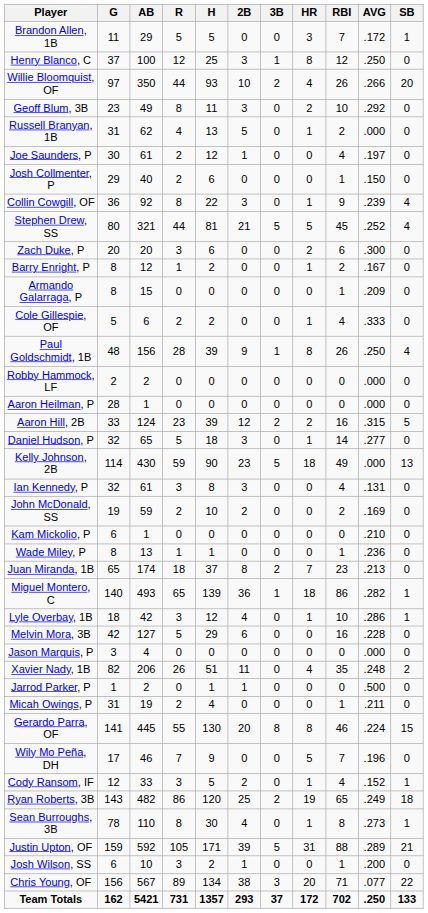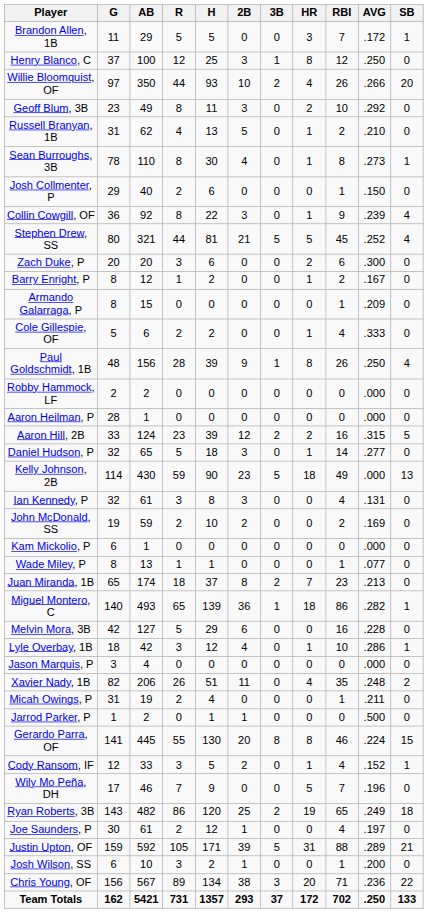 <table class="wikitable sortable" style="text-align:center; border:1; cellpadding:2; cellspacing:0;">
 <tr>
 <th bgcolor="#DDDDFF" width="20%">Player</th>
 <th bgcolor="#DDDDFF" width="7%">G</th>
 <th bgcolor="#DDDDFF" width="7%">AB</th>
 <th bgcolor="#DDDDFF" width="7%">R</th>
 <th bgcolor="#DDDDFF" width="7%">H</th>
 <th bgcolor="#DDDDFF" width="7%">2B</th>
 <th bgcolor="#DDDDFF" width="7%">3B</th>
 <th bgcolor="#DDDDFF" width="7%">HR</th>
 <th bgcolor="#DDDDFF" width="7%">RBI</th>
 <th bgcolor="#DDDDFF" width="7%">AVG</th>
 <th bgcolor="#DDDDFF" width="7%">SB</th>
 </tr>
 <tr>
 <td><a href='#'>Brandon Allen</a>, 1B</td>
 <td>11</td>
 <td>29</td>
 <td>5</td>
 <td>5</td>
 <td>0</td>
 <td>0</td>
 <td>3</td>
 <td>7</td>
 <td>.172</td>
 <td>1</td>
 </tr>
 <tr>
 <td><a href='#'>Henry Blanco</a>, C</td>
 <td>37</td>
 <td>100</td>
 <td>12</td>
 <td>25</td>
 <td>3</td>
 <td>1</td>
 <td>8</td>
 <td>12</td>
 <td>.250</td>
 <td>0</td>
 </tr>
 <tr>
 <td><a href='#'>Willie Bloomquist</a>, OF</td>
 <td>97</td>
 <td>350</td>
 <td>44</td>
 <td>93</td>
 <td>10</td>
 <td>2</td>
 <td>4</td>
 <td>26</td>
 <td>.266</td>
 <td>20</td>
 </tr>
 <tr>
 <td><a href='#'>Geoff Blum</a>, 3B</td>
 <td>23</td>
 <td>49</td>
 <td>8</td>
 <td>11</td>
 <td>3</td>
 <td>0</td>
 <td>2</td>
 <td>10</td>
 <td>.292</td>
 <td>0</td>
 </tr>
 <tr>
 <td><a href='#'>Russell Branyan</a>, 1B</td>
 <td>31</td>
 <td>62</td>
 <td>4</td>
 <td>13</td>
 <td>5</td>
 <td>0</td>
 <td>1</td>
 <td>2</td>
-<td>.000</td>
+<td>.210</td>
 <td>0</td>
 </tr>
 <tr>
-<td><a href='#'>Joe Saunders</a>, P</td>
+<td><a href='#'>Sean Burroughs</a>, 3B</td>
+<td>78</td>
+<td>110</td>
+<td>8</td>
 <td>30</td>
-<td>61</td>
-<td>2</td>
-<td>12</td>
+<td>4</td>
+<td>0</td>
 <td>1</td>
-<td>0</td>
-<td>0</td>
-<td>4</td>
-<td>.197</td>
-<td>0</td>
+<td>8</td>
+<td>.273</td>
+<td>1</td>
 </tr>
 <tr>
 <td><a href='#'>Josh Collmenter</a>, P</td>
 <td>29</td>
 <td>40</td>
 <td>2</td>
 <td>6</td>
 <td>0</td>
 <td>0</td>
 <td>0</td>
 <td>1</td>
 <td>.150</td>
 <td>0</td>
 </tr>
 <tr>
 <td><a href='#'>Collin Cowgill</a>, OF</td>
 <td>36</td>
 <td>92</td>
 <td>8</td>
 <td>22</td>
 <td>3</td>
 <td>0</td>
 <td>1</td>
 <td>9</td>
 <td>.239</td>
 <td>4</td>
 </tr>
 <tr>
 <td><a href='#'>Stephen Drew</a>, SS</td>
 <td>80</td>
 <td>321</td>
 <td>44</td>
 <td>81</td>
 <td>21</td>
 <td>5</td>
 <td>5</td>
 <td>45</td>
 <td>.252</td>
 <td>4</td>
 </tr>
 <tr>
 <td><a href='#'>Zach Duke</a>, P</td>
 <td>20</td>
 <td>20</td>
 <td>3</td>
 <td>6</td>
 <td>0</td>
 <td>0</td>
 <td>2</td>
 <td>6</td>
 <td>.300</td>
 <td>0</td>
 </tr>
 <tr>
 <td><a href='#'>Barry Enright</a>, P</td>
 <td>8</td>
 <td>12</td>
 <td>1</td>
 <td>2</td>
 <td>0</td>
 <td>0</td>
 <td>1</td>
 <td>2</td>
 <td>.167</td>
 <td>0</td>
 </tr>
 <tr>
 <td><a href='#'>Armando Galarraga</a>, P</td>
 <td>8</td>
 <td>15</td>
 <td>0</td>
 <td>0</td>
 <td>0</td>
 <td>0</td>
 <td>0</td>
 <td>1</td>
 <td>.209</td>
 <td>0</td>
 </tr>
 <tr>
 <td><a href='#'>Cole Gillespie</a>, OF</td>
 <td>5</td>
 <td>6</td>
 <td>2</td>
 <td>2</td>
 <td>0</td>
 <td>0</td>
 <td>1</td>
 <td>4</td>
 <td>.333</td>
 <td>0</td>
 </tr>
 <tr>
 <td><a href='#'>Paul Goldschmidt</a>, 1B</td>
 <td>48</td>
 <td>156</td>
 <td>28</td>
 <td>39</td>
 <td>9</td>
 <td>1</td>
 <td>8</td>
 <td>26</td>
 <td>.250</td>
 <td>4</td>
 </tr>
 <tr>
 <td><a href='#'>Robby Hammock</a>, LF</td>
 <td>2</td>
 <td>2</td>
 <td>0</td>
 <td>0</td>
 <td>0</td>
 <td>0</td>
 <td>0</td>
 <td>0</td>
 <td>.000</td>
 <td>0</td>
 </tr>
 <tr>
 <td><a href='#'>Aaron Heilman</a>, P</td>
 <td>28</td>
 <td>1</td>
 <td>0</td>
 <td>0</td>
 <td>0</td>
 <td>0</td>
 <td>0</td>
 <td>0</td>
 <td>.000</td>
 <td>0</td>
 </tr>
 <tr>
 <td><a href='#'>Aaron Hill</a>, 2B</td>
 <td>33</td>
 <td>124</td>
 <td>23</td>
 <td>39</td>
 <td>12</td>
 <td>2</td>
 <td>2</td>
 <td>16</td>
 <td>.315</td>
 <td>5</td>
 </tr>
 <tr>
 <td><a href='#'>Daniel Hudson</a>, P</td>
 <td>32</td>
 <td>65</td>
 <td>5</td>
 <td>18</td>
 <td>3</td>
 <td>0</td>
 <td>1</td>
 <td>14</td>
 <td>.277</td>
 <td>0</td>
 </tr>
 <tr>
 <td><a href='#'>Kelly Johnson</a>, 2B</td>
 <td>114</td>
 <td>430</td>
 <td>59</td>
 <td>90</td>
 <td>23</td>
 <td>5</td>
 <td>18</td>
 <td>49</td>
 <td>.000</td>
 <td>13</td>
 </tr>
 <tr>
 <td><a href='#'>Ian Kennedy</a>, P</td>
 <td>32</td>
 <td>61</td>
 <td>3</td>
 <td>8</td>
 <td>3</td>
 <td>0</td>
 <td>0</td>
 <td>4</td>
 <td>.131</td>
 <td>0</td>
 </tr>
 <tr>
 <td><a href='#'>John McDonald</a>, SS</td>
 <td>19</td>
 <td>59</td>
 <td>2</td>
 <td>10</td>
 <td>2</td>
 <td>0</td>
 <td>0</td>
 <td>2</td>
 <td>.169</td>
 <td>0</td>
 </tr>
 <tr>
 <td><a href='#'>Kam Mickolio</a>, P</td>
 <td>6</td>
 <td>1</td>
 <td>0</td>
 <td>0</td>
 <td>0</td>
 <td>0</td>
 <td>0</td>
 <td>0</td>
-<td>.210</td>
+<td>.000</td>
 <td>0</td>
 </tr>
 <tr>
 <td><a href='#'>Wade Miley</a>, P</td>
 <td>8</td>
 <td>13</td>
 <td>1</td>
 <td>1</td>
 <td>0</td>
 <td>0</td>
 <td>0</td>
 <td>1</td>
-<td>.236</td>
+<td>.077</td>
 <td>0</td>
 </tr>
 <tr>
 <td><a href='#'>Juan Miranda</a>, 1B</td>
 <td>65</td>
 <td>174</td>
 <td>18</td>
 <td>37</td>
 <td>8</td>
 <td>2</td>
 <td>7</td>
 <td>23</td>
 <td>.213</td>
 <td>0</td>
 </tr>
 <tr>
 <td><a href='#'>Miguel Montero</a>, C</td>
 <td>140</td>
 <td>493</td>
 <td>65</td>
 <td>139</td>
 <td>36</td>
 <td>1</td>
 <td>18</td>
 <td>86</td>
 <td>.282</td>
 <td>1</td>
 </tr>
 <tr>
+<td><a href='#'>Melvin Mora</a>, 3B</td>
+<td>42</td>
+<td>127</td>
+<td>5</td>
+<td>29</td>
+<td>6</td>
+<td>0</td>
+<td>0</td>
+<td>16</td>
+<td>.228</td>
+<td>0</td>
+</tr>
+<tr>
 <td><a href='#'>Lyle Overbay</a>, 1B</td>
 <td>18</td>
 <td>42</td>
 <td>3</td>
 <td>12</td>
 <td>4</td>
 <td>0</td>
 <td>1</td>
 <td>10</td>
 <td>.286</td>
 <td>1</td>
-</tr>
-<tr>
-<td><a href='#'>Melvin Mora</a>, 3B</td>
-<td>42</td>
-<td>127</td>
-<td>5</td>
-<td>29</td>
-<td>6</td>
-<td>0</td>
-<td>0</td>
-<td>16</td>
-<td>.228</td>
-<td>0</td>
 </tr>
 <tr>
 <td><a href='#'>Jason Marquis</a>, P</td>
 <td>3</td>
 <td>4</td>
 <td>0</td>
 <td>0</td>
 <td>0</td>
 <td>0</td>
 <td>0</td>
 <td>0</td>
 <td>.000</td>
 <td>0</td>
 </tr>
 <tr>
 <td><a href='#'>Xavier Nady</a>, 1B</td>
 <td>82</td>
 <td>206</td>
 <td>26</td>
 <td>51</td>
 <td>11</td>
 <td>0</td>
 <td>4</td>
 <td>35</td>
 <td>.248</td>
 <td>2</td>
 </tr>
 <tr>
+<td><a href='#'>Micah Owings</a>, P</td>
+<td>31</td>
+<td>19</td>
+<td>2</td>
+<td>4</td>
+<td>0</td>
+<td>0</td>
+<td>0</td>
+<td>1</td>
+<td>.211</td>
+<td>0</td>
+</tr>
+<tr>
 <td><a href='#'>Jarrod Parker</a>, P</td>
 <td>1</td>
 <td>2</td>
 <td>0</td>
 <td>1</td>
 <td>1</td>
 <td>0</td>
 <td>0</td>
 <td>0</td>
 <td>.500</td>
-<td>0</td>
-</tr>
-<tr>
-<td><a href='#'>Micah Owings</a>, P</td>
-<td>31</td>
-<td>19</td>
-<td>2</td>
-<td>4</td>
-<td>0</td>
-<td>0</td>
-<td>0</td>
-<td>1</td>
-<td>.211</td>
 <td>0</td>
 </tr>
 <tr>
 <td><a href='#'>Gerardo Parra</a>, OF</td>
 <td>141</td>
 <td>445</td>
 <td>55</td>
 <td>130</td>
 <td>20</td>
 <td>8</td>
 <td>8</td>
 <td>46</td>
 <td>.224</td>
 <td>15</td>
 </tr>
 <tr>
+<td><a href='#'>Cody Ransom</a>, IF</td>
+<td>12</td>
+<td>33</td>
+<td>3</td>
+<td>5</td>
+<td>2</td>
+<td>0</td>
+<td>1</td>
+<td>4</td>
+<td>.152</td>
+<td>1</td>
+</tr>
+<tr>
 <td><a href='#'>Wily Mo Peña</a>, DH</td>
 <td>17</td>
 <td>46</td>
 <td>7</td>
 <td>9</td>
 <td>0</td>
 <td>0</td>
 <td>5</td>
 <td>7</td>
 <td>.196</td>
 <td>0</td>
-</tr>
-<tr>
-<td><a href='#'>Cody Ransom</a>, IF</td>
-<td>12</td>
-<td>33</td>
-<td>3</td>
-<td>5</td>
-<td>2</td>
-<td>0</td>
-<td>1</td>
-<td>4</td>
-<td>.152</td>
-<td>1</td>
 </tr>
 <tr>
 <td><a href='#'>Ryan Roberts</a>, 3B</td>
 <td>143</td>
 <td>482</td>
 <td>86</td>
 <td>120</td>
 <td>25</td>
 <td>2</td>
 <td>19</td>
 <td>65</td>
 <td>.249</td>
 <td>18</td>
 </tr>
 <tr>
-<td><a href='#'>Sean Burroughs</a>, 3B</td>
-<td>78</td>
-<td>110</td>
-<td>8</td>
+<td><a href='#'>Joe Saunders</a>, P</td>
 <td>30</td>
+<td>61</td>
+<td>2</td>
+<td>12</td>
+<td>1</td>
+<td>0</td>
+<td>0</td>
 <td>4</td>
+<td>.197</td>
 <td>0</td>
-<td>1</td>
-<td>8</td>
-<td>.273</td>
-<td>1</td>
 </tr>
 <tr>
 <td><a href='#'>Justin Upton</a>, OF</td>
 <td>159</td>
 <td>592</td>
 <td>105</td>
 <td>171</td>
 <td>39</td>
 <td>5</td>
 <td>31</td>
 <td>88</td>
 <td>.289</td>
 <td>21</td>
 </tr>
 <tr>
 <td><a href='#'>Josh Wilson</a>, SS</td>
 <td>6</td>
 <td>10</td>
 <td>3</td>
 <td>2</td>
 <td>1</td>
 <td>0</td>
 <td>0</td>
 <td>1</td>
 <td>.200</td>
 <td>0</td>
 </tr>
 <tr>
 <td><a href='#'>Chris Young</a>, OF</td>
 <td>156</td>
 <td>567</td>
 <td>89</td>
 <td>134</td>
 <td>38</td>
 <td>3</td>
 <td>20</td>
 <td>71</td>
-<td>.077</td>
+<td>.236</td>
 <td>22</td>
 </tr>
 <tr>
 <td><strong>Team Totals</strong></td>
 <td><strong>162</strong></td>
 <td><strong>5421</strong></td>
 <td><strong>731</strong></td>
 <td><strong>1357</strong></td>
 <td><strong>293</strong></td>
 <td><strong>37</strong></td>
 <td><strong>172</strong></td>
 <td><strong>702</strong></td>
 <td><strong>.250</strong></td>
 <td><strong>133</strong></td>
 </tr>
 </table>
